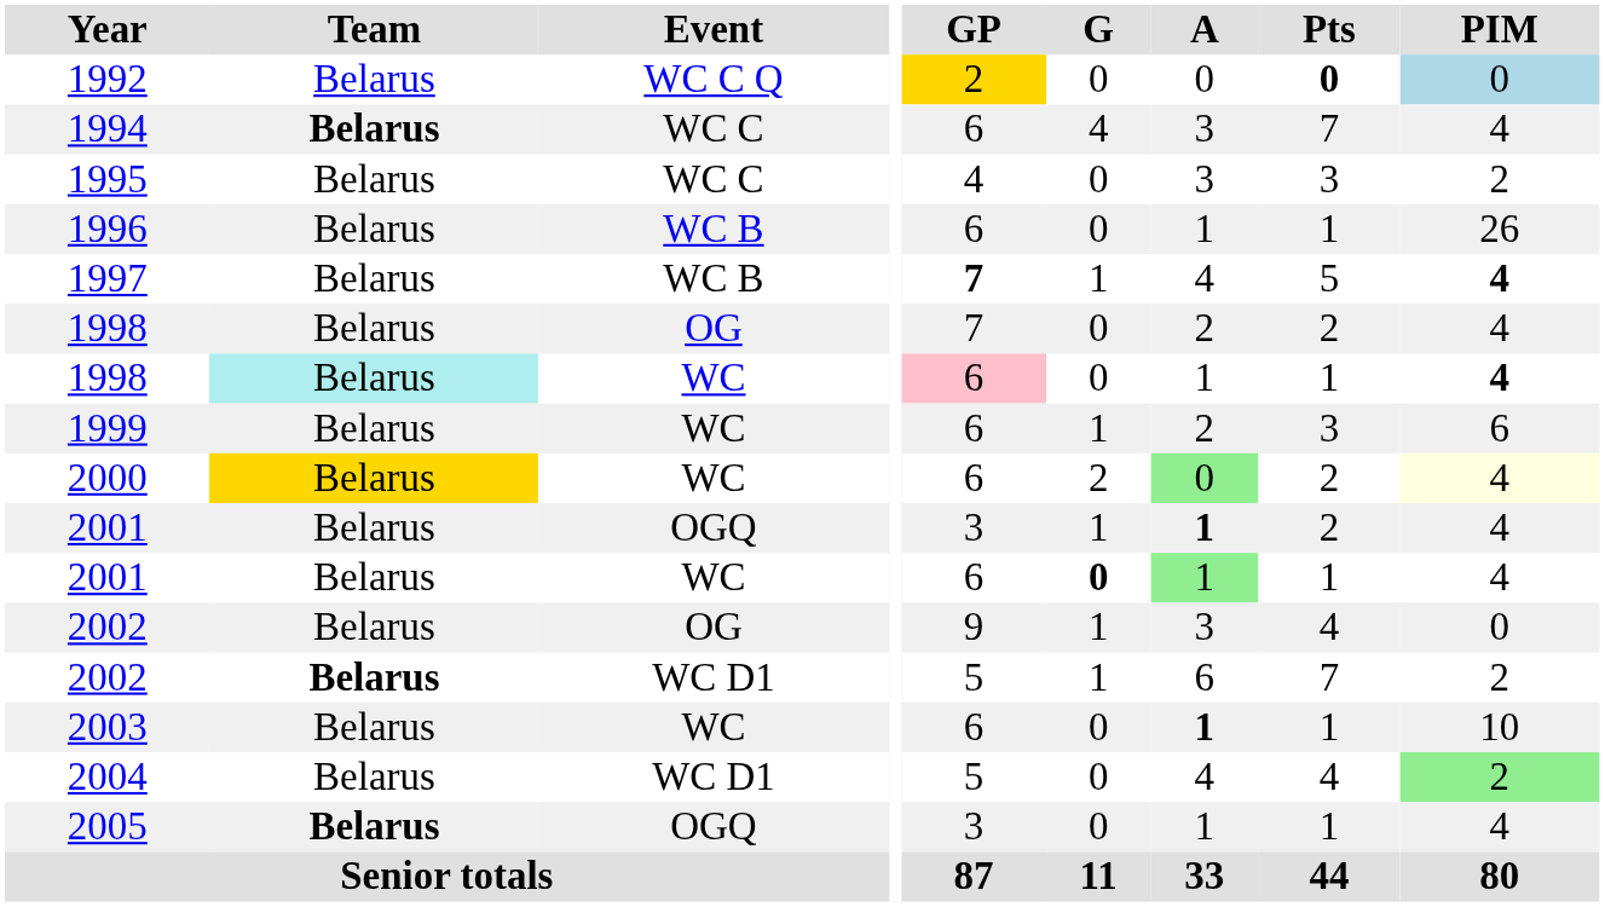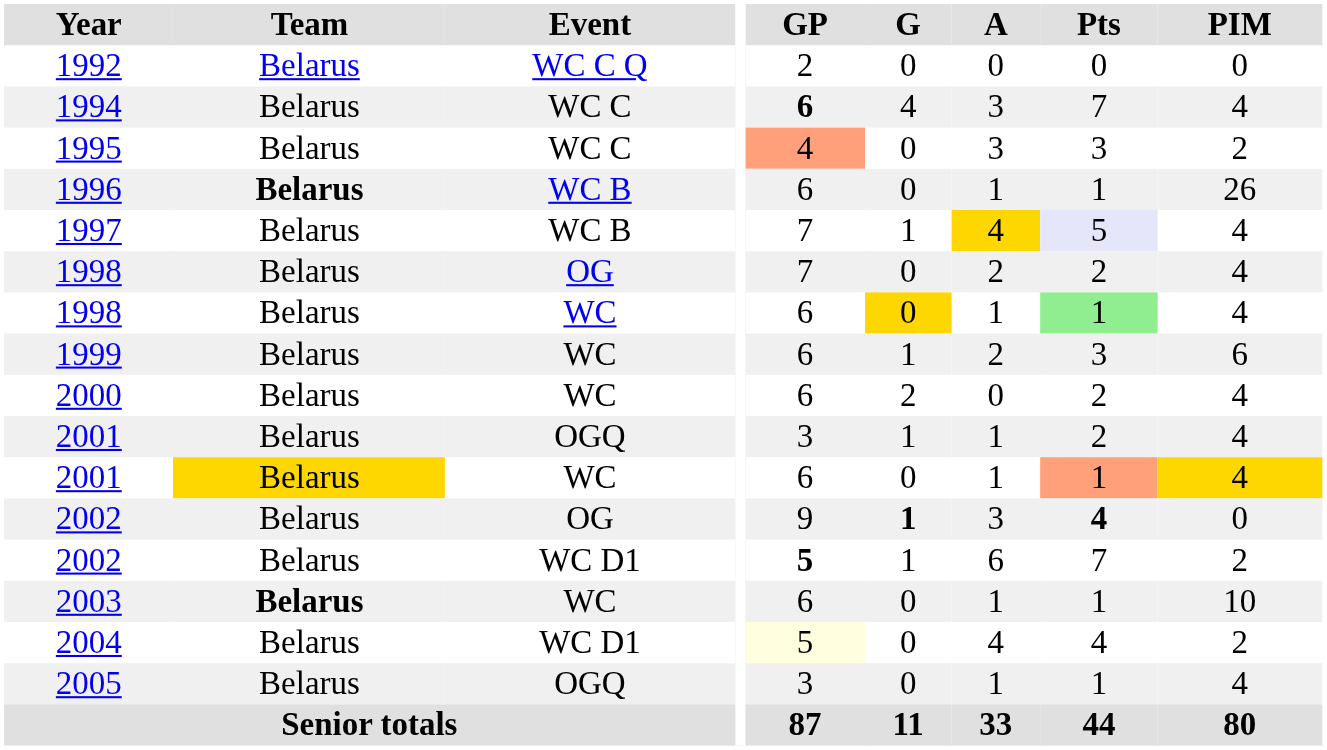 <table border="0" cellpadding="1" cellspacing="0" style="text-align:center; width:40em">
 <tr bgcolor="#e0e0e0">
 <th>Year</th>
 <th>Team</th>
 <th>Event</th>
 <th rowspan="99" bgcolor="#ffffff"></th>
 <th>GP</th>
 <th>G</th>
 <th>A</th>
 <th>Pts</th>
 <th>PIM</th>
 </tr>
 <tr>
 <td><a href='#'>1992</a></td>
 <td><a href='#'>Belarus</a></td>
 <td><a href='#'>WC C Q</a></td>
-<td style="background: gold;">2</td>
+<td>2</td>
 <td>0</td>
 <td>0</td>
-<td><strong>0</strong></td>
-<td style="background: lightblue;">0</td>
+<td>0</td>
+<td>0</td>
 </tr>
 <tr bgcolor="#f0f0f0">
 <td><a href='#'>1994</a></td>
-<td><strong>Belarus</strong></td>
+<td>Belarus</td>
 <td>WC C</td>
-<td>6</td>
+<td><strong>6</strong></td>
 <td>4</td>
 <td>3</td>
 <td>7</td>
 <td>4</td>
 </tr>
 <tr>
 <td><a href='#'>1995</a></td>
 <td>Belarus</td>
 <td>WC C</td>
-<td>4</td>
+<td style="background: lightsalmon;">4</td>
 <td>0</td>
 <td>3</td>
 <td>3</td>
 <td>2</td>
 </tr>
 <tr bgcolor="#f0f0f0">
 <td><a href='#'>1996</a></td>
-<td>Belarus</td>
+<td><strong>Belarus</strong></td>
 <td><a href='#'>WC B</a></td>
 <td>6</td>
 <td>0</td>
 <td>1</td>
 <td>1</td>
 <td>26</td>
 </tr>
 <tr>
 <td><a href='#'>1997</a></td>
 <td>Belarus</td>
 <td>WC B</td>
-<td><strong>7</strong></td>
+<td>7</td>
 <td>1</td>
+<td style="background: gold;">4</td>
+<td style="background: lavender;">5</td>
 <td>4</td>
-<td>5</td>
-<td><strong>4</strong></td>
 </tr>
 <tr bgcolor="#f0f0f0">
 <td><a href='#'>1998</a></td>
 <td>Belarus</td>
 <td><a href='#'>OG</a></td>
 <td>7</td>
 <td>0</td>
 <td>2</td>
 <td>2</td>
 <td>4</td>
 </tr>
 <tr>
 <td><a href='#'>1998</a></td>
-<td style="background: paleturquoise;">Belarus</td>
+<td>Belarus</td>
 <td><a href='#'>WC</a></td>
-<td style="background: pink;">6</td>
-<td>0</td>
+<td>6</td>
+<td style="background: gold;">0</td>
 <td>1</td>
-<td>1</td>
-<td><strong>4</strong></td>
+<td style="background: lightgreen;">1</td>
+<td>4</td>
 </tr>
 <tr bgcolor="#f0f0f0">
 <td><a href='#'>1999</a></td>
 <td>Belarus</td>
 <td>WC</td>
 <td>6</td>
 <td>1</td>
 <td>2</td>
 <td>3</td>
 <td>6</td>
 </tr>
 <tr>
 <td><a href='#'>2000</a></td>
-<td style="background: gold;">Belarus</td>
+<td>Belarus</td>
 <td>WC</td>
 <td>6</td>
 <td>2</td>
-<td style="background: lightgreen;">0</td>
+<td>0</td>
 <td>2</td>
-<td style="background: lightyellow;">4</td>
+<td>4</td>
 </tr>
 <tr bgcolor="#f0f0f0">
 <td><a href='#'>2001</a></td>
 <td>Belarus</td>
 <td>OGQ</td>
 <td>3</td>
 <td>1</td>
-<td><strong>1</strong></td>
+<td>1</td>
 <td>2</td>
 <td>4</td>
 </tr>
 <tr>
 <td><a href='#'>2001</a></td>
-<td>Belarus</td>
+<td style="background: gold;">Belarus</td>
 <td>WC</td>
 <td>6</td>
-<td><strong>0</strong></td>
-<td style="background: lightgreen;">1</td>
+<td>0</td>
 <td>1</td>
-<td>4</td>
+<td style="background: lightsalmon;">1</td>
+<td style="background: gold;">4</td>
 </tr>
 <tr bgcolor="#f0f0f0">
 <td><a href='#'>2002</a></td>
 <td>Belarus</td>
 <td>OG</td>
 <td>9</td>
-<td>1</td>
+<td><strong>1</strong></td>
 <td>3</td>
-<td>4</td>
+<td><strong>4</strong></td>
 <td>0</td>
 </tr>
 <tr>
 <td><a href='#'>2002</a></td>
-<td><strong>Belarus</strong></td>
+<td>Belarus</td>
 <td>WC D1</td>
-<td>5</td>
+<td><strong>5</strong></td>
 <td>1</td>
 <td>6</td>
 <td>7</td>
 <td>2</td>
 </tr>
 <tr bgcolor="#f0f0f0">
 <td><a href='#'>2003</a></td>
-<td>Belarus</td>
+<td><strong>Belarus</strong></td>
 <td>WC</td>
 <td>6</td>
 <td>0</td>
-<td><strong>1</strong></td>
+<td>1</td>
 <td>1</td>
 <td>10</td>
 </tr>
 <tr>
 <td><a href='#'>2004</a></td>
 <td>Belarus</td>
 <td>WC D1</td>
-<td>5</td>
+<td style="background: lightyellow;">5</td>
 <td>0</td>
 <td>4</td>
 <td>4</td>
-<td style="background: lightgreen;">2</td>
+<td>2</td>
 </tr>
 <tr bgcolor="#f0f0f0">
 <td><a href='#'>2005</a></td>
-<td><strong>Belarus</strong></td>
+<td>Belarus</td>
 <td>OGQ</td>
 <td>3</td>
 <td>0</td>
 <td>1</td>
 <td>1</td>
 <td>4</td>
 </tr>
 <tr bgcolor="#e0e0e0">
 <th colspan="3">Senior totals</th>
 <th>87</th>
 <th>11</th>
 <th>33</th>
 <th>44</th>
 <th>80</th>
 </tr>
 </table>
